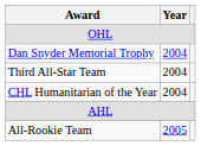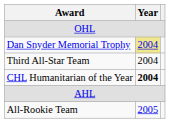 <table class="wikitable">
 <tr>
 <th>Award</th>
 <th>Year</th>
 <th></th>
 </tr>
 <tr ALIGN="center" bgcolor="#e0e0e0">
 <td colspan="3"><a href='#'>OHL</a></td>
 </tr>
 <tr>
 <td><a href='#'>Dan Snyder Memorial Trophy</a></td>
-<td><a href='#'>2004</a></td>
+<td style="background: khaki;"><a href='#'>2004</a></td>
 <td></td>
 </tr>
 <tr>
 <td>Third All-Star Team</td>
 <td>2004</td>
 <td></td>
 </tr>
 <tr>
 <td><a href='#'>CHL</a> Humanitarian of the Year</td>
-<td>2004</td>
+<td><strong>2004</strong></td>
 <td></td>
 </tr>
 <tr ALIGN="center" bgcolor="#e0e0e0">
 <td colspan="3"><a href='#'>AHL</a></td>
 </tr>
 <tr>
 <td>All-Rookie Team</td>
 <td><a href='#'>2005</a></td>
 <td></td>
 </tr>
 </table>
